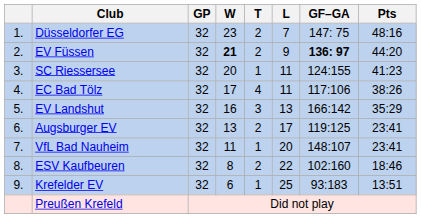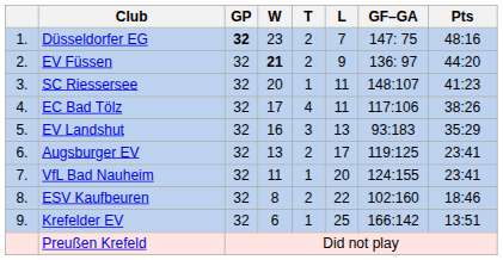 <table class="wikitable">
 <tr>
 <th width="30"></th>
 <th width="200">Club</th>
 <th width="30">GP</th>
 <th width="30">W</th>
 <th width="30">T</th>
 <th width="30">L</th>
 <th width="70">GF–GA</th>
 <th width="70">Pts</th>
 </tr>
 <tr bgcolor="#BCD2EE" align="center">
 <td>1.</td>
 <td align="left"><a href='#'>Düsseldorfer EG</a></td>
-<td>32</td>
+<td><strong>32</strong></td>
 <td>23</td>
 <td>2</td>
 <td>7</td>
 <td>147: 75</td>
 <td>48:16</td>
 </tr>
 <tr bgcolor=#BCD2EE align="center">
 <td>2.</td>
 <td align="left"><a href='#'>EV Füssen</a></td>
 <td>32</td>
 <td><strong>21</strong></td>
 <td>2</td>
 <td>9</td>
-<td><strong>136: 97</strong></td>
+<td>136: 97</td>
 <td>44:20</td>
 </tr>
 <tr bgcolor=#BCD2EE align="center">
 <td>3.</td>
 <td align="left"><a href='#'>SC Riessersee</a></td>
 <td>32</td>
 <td>20</td>
 <td>1</td>
 <td>11</td>
-<td>124:155</td>
+<td>148:107</td>
 <td>41:23</td>
 </tr>
 <tr bgcolor=#BCD2EE align="center">
 <td>4.</td>
 <td align="left"><a href='#'>EC Bad Tölz</a></td>
 <td>32</td>
 <td>17</td>
 <td>4</td>
 <td>11</td>
 <td>117:106</td>
 <td>38:26</td>
 </tr>
 <tr bgcolor=#BCD2EE align="center">
 <td>5.</td>
 <td align="left"><a href='#'>EV Landshut</a></td>
 <td>32</td>
 <td>16</td>
 <td>3</td>
 <td>13</td>
-<td>166:142</td>
+<td>93:183</td>
 <td>35:29</td>
 </tr>
 <tr bgcolor=#BCD2EE align="center">
 <td>6.</td>
 <td align="left"><a href='#'>Augsburger EV</a></td>
 <td>32</td>
 <td>13</td>
 <td>2</td>
 <td>17</td>
 <td>119:125</td>
 <td>23:41</td>
 </tr>
 <tr bgcolor=#BCD2EE align="center">
 <td>7.</td>
 <td align="left"><a href='#'>VfL Bad Nauheim</a></td>
 <td>32</td>
 <td>11</td>
 <td>1</td>
 <td>20</td>
-<td>148:107</td>
+<td>124:155</td>
 <td>23:41</td>
 </tr>
 <tr bgcolor=#BCD2EE align="center">
 <td>8.</td>
 <td align="left"><a href='#'>ESV Kaufbeuren</a></td>
 <td>32</td>
 <td>8</td>
 <td>2</td>
 <td>22</td>
 <td>102:160</td>
 <td>18:46</td>
 </tr>
 <tr bgcolor=#BCD2EE align="center">
 <td>9.</td>
 <td align="left"><a href='#'>Krefelder EV</a></td>
 <td>32</td>
 <td>6</td>
 <td>1</td>
 <td>25</td>
-<td>93:183</td>
+<td>166:142</td>
 <td>13:51</td>
 </tr>
 <tr bgcolor=#FFE4E1 align="center">
 <td></td>
 <td align="left"><a href='#'>Preußen Krefeld</a></td>
 <td align="center" colspan="6">Did not play</td>
 </tr>
 </table>
